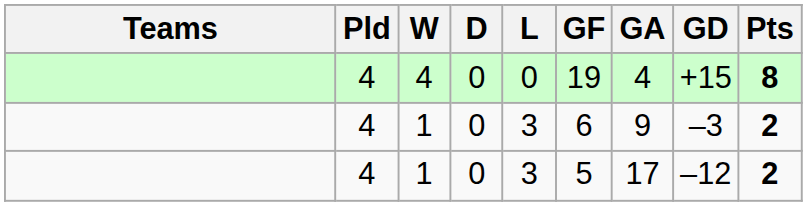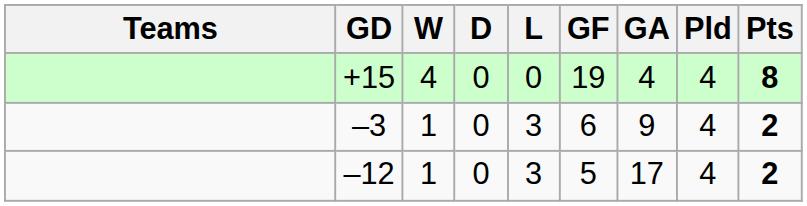 <table class="wikitable" style="text-align: center;">
 <tr>
 <th width=165>Teams</th>
-<th width=20>Pld</th>
+<th width=20>GD</th>
 <th width=20>W</th>
 <th width=20>D</th>
 <th width=20>L</th>
 <th width=20>GF</th>
 <th width=20>GA</th>
-<th width=20>GD</th>
+<th width=20>Pld</th>
 <th width=20>Pts</th>
 </tr>
 <tr align=center style="background:#ccffcc;">
 <td style="text-align:left;"></td>
-<td>4</td>
+<td>+15</td>
 <td>4</td>
 <td>0</td>
 <td>0</td>
 <td>19</td>
 <td>4</td>
-<td>+15</td>
+<td>4</td>
 <td><strong>8</strong></td>
 </tr>
 <tr align=center>
 <td style="text-align:left;"></td>
-<td>4</td>
+<td>–3</td>
 <td>1</td>
 <td>0</td>
 <td>3</td>
 <td>6</td>
 <td>9</td>
-<td>–3</td>
+<td>4</td>
 <td><strong>2</strong></td>
 </tr>
 <tr align=center>
 <td style="text-align:left;"></td>
-<td>4</td>
+<td>–12</td>
 <td>1</td>
 <td>0</td>
 <td>3</td>
 <td>5</td>
 <td>17</td>
-<td>–12</td>
+<td>4</td>
 <td><strong>2</strong></td>
 </tr>
 </table>
